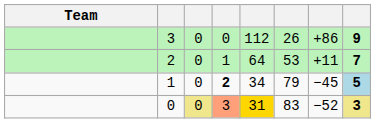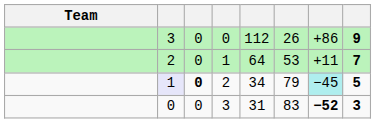 <table class="wikitable" style="text-align:center;">
 <tr>
 <th style="width:10.5em;">Team</th>
 <th style="width:1.5em;"></th>
 <th style="width:1.5em;"></th>
 <th style="width:1.5em;"></th>
 <th style="width:2.0em;"></th>
 <th style="width:2.0em;"></th>
 <th style="width:2.0em;"></th>
 <th style="width:1.5em;"></th>
 </tr>
 <tr bgcolor=#BBF3BB>
 <td align="left"></td>
 <td>3</td>
 <td>0</td>
 <td>0</td>
 <td>112</td>
 <td>26</td>
 <td>+86</td>
 <td><strong>9</strong></td>
 </tr>
 <tr bgcolor=#BBF3BB>
 <td align="left"></td>
 <td>2</td>
 <td>0</td>
 <td>1</td>
 <td>64</td>
 <td>53</td>
 <td>+11</td>
 <td><strong>7</strong></td>
 </tr>
 <tr>
 <td align="left"></td>
-<td>1</td>
-<td>0</td>
-<td><strong>2</strong></td>
+<td style="background: lavender;">1</td>
+<td><strong>0</strong></td>
+<td>2</td>
 <td>34</td>
 <td>79</td>
-<td>−45</td>
-<td style="background: lightblue;"><strong>5</strong></td>
+<td style="background: paleturquoise;">−45</td>
+<td><strong>5</strong></td>
 </tr>
 <tr>
 <td align="left"></td>
 <td>0</td>
-<td style="background: khaki;">0</td>
-<td style="background: lightsalmon;">3</td>
-<td style="background: gold;">31</td>
+<td>0</td>
+<td>3</td>
+<td>31</td>
 <td>83</td>
-<td>−52</td>
-<td style="background: khaki;"><strong>3</strong></td>
+<td><strong>−52</strong></td>
+<td><strong>3</strong></td>
 </tr>
 </table>
